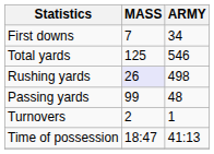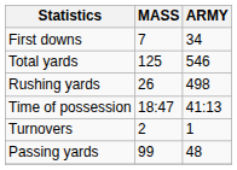 <table class="wikitable">
 <tr>
 <th>Statistics</th>
 <th>MASS</th>
 <th>ARMY</th>
 </tr>
 <tr>
 <td>First downs</td>
 <td>7</td>
 <td>34</td>
 </tr>
 <tr>
 <td>Total yards</td>
 <td>125</td>
 <td>546</td>
 </tr>
 <tr>
 <td>Rushing yards</td>
-<td style="background: lavender;">26</td>
+<td>26</td>
 <td>498</td>
+</tr>
+<tr>
+<td>Time of possession</td>
+<td>18:47</td>
+<td>41:13</td>
+</tr>
+<tr>
+<td>Turnovers</td>
+<td>2</td>
+<td>1</td>
 </tr>
 <tr>
 <td>Passing yards</td>
 <td>99</td>
 <td>48</td>
 </tr>
 <tr>
-<td>Turnovers</td>
-<td>2</td>
-<td>1</td>
-</tr>
-<tr>
-<td>Time of possession</td>
-<td>18:47</td>
-<td>41:13</td>
-</tr>
-<tr>
 </tr>
 </table>
